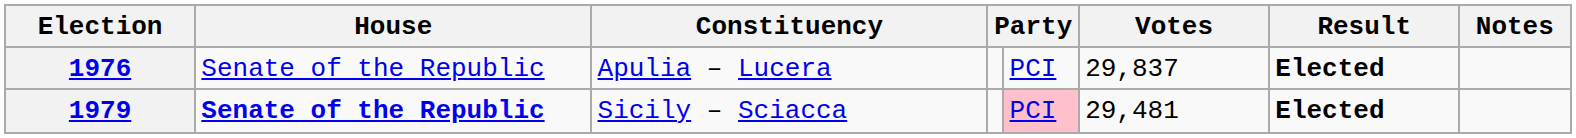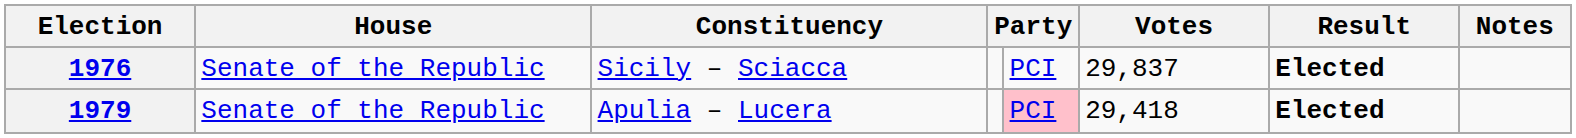 <table class=wikitable style="width:62%; border:1px #AAAAFF solid">
 <tr>
 <th width=12%>Election</th>
 <th width=25%>House</th>
 <th width=25%>Constituency</th>
 <th width=5% colspan="2">Party</th>
 <th width=12%>Votes</th>
 <th width=12%>Result</th>
 <th width=7%>Notes</th>
 </tr>
 <tr>
 <th><a href='#'>1976</a></th>
 <td><a href='#'>Senate of the Republic</a></td>
-<td><a href='#'>Apulia</a> – <a href='#'>Lucera</a></td>
+<td><a href='#'>Sicily</a> – <a href='#'>Sciacca</a></td>
 <td></td>
 <td><a href='#'>PCI</a></td>
 <td>29,837</td>
 <td> <strong>Elected</strong></td>
 <td></td>
 </tr>
 <tr>
 <th><a href='#'>1979</a></th>
-<td><strong><a href='#'>Senate of the Republic</a></strong></td>
-<td><a href='#'>Sicily</a> – <a href='#'>Sciacca</a></td>
+<td><a href='#'>Senate of the Republic</a></td>
+<td><a href='#'>Apulia</a> – <a href='#'>Lucera</a></td>
 <td></td>
 <td style="background: pink;"><a href='#'>PCI</a></td>
-<td>29,481</td>
+<td>29,418</td>
 <td> <strong>Elected</strong></td>
 <td></td>
 </tr>
 </table>
